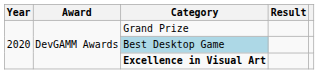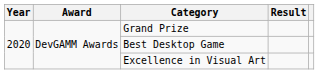 <table class="wikitable sortable plainrowheaders">
 <tr>
 <th scope="col">Year</th>
 <th scope="col">Award</th>
 <th scope="col">Category</th>
 <th scope="col">Result</th>
 <th scope="col" class="unsortable"></th>
 </tr>
 <tr>
 <td rowspan="3">2020</td>
 <td rowspan="3">DevGAMM Awards</td>
 <td>Grand Prize</td>
 <td></td>
 <td></td>
 </tr>
 <tr>
-<td style="background: lightblue;">Best Desktop Game</td>
+<td>Best Desktop Game</td>
 <td></td>
 <td></td>
 </tr>
 <tr>
-<td><strong>Excellence in Visual Art</strong></td>
+<td>Excellence in Visual Art</td>
 <td></td>
 <td></td>
 </tr>
 </table>
